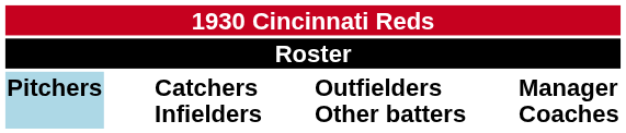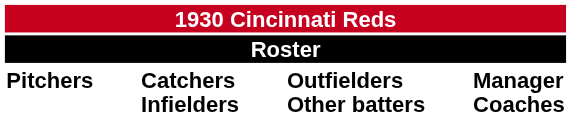 <table class="toccolours" style="font-size: 95%;">
 <tr>
 <th colspan="10" style="background-color: #c6011f; color: white; text-align: center;">1930 Cincinnati Reds</th>
 </tr>
 <tr>
 <td colspan="10" style="background-color: black; color: white; text-align: center;"><strong>Roster</strong></td>
 </tr>
 <tr>
-<td valign="top" style="background: lightblue;"><strong>Pitchers</strong><br>             </td>
+<td valign="top"><strong>Pitchers</strong><br>             </td>
 <td width="25px"></td>
 <td valign="top"><strong>Catchers</strong><br>   <strong>Infielders</strong>        </td>
 <td width="25px"></td>
 <td valign="top"><strong>Outfielders</strong><br>       <strong>Other batters</strong> </td>
 <td width="25px"></td>
 <td valign="top"><strong>Manager</strong><br> <strong>Coaches</strong>  </td>
 </tr>
 </table>
